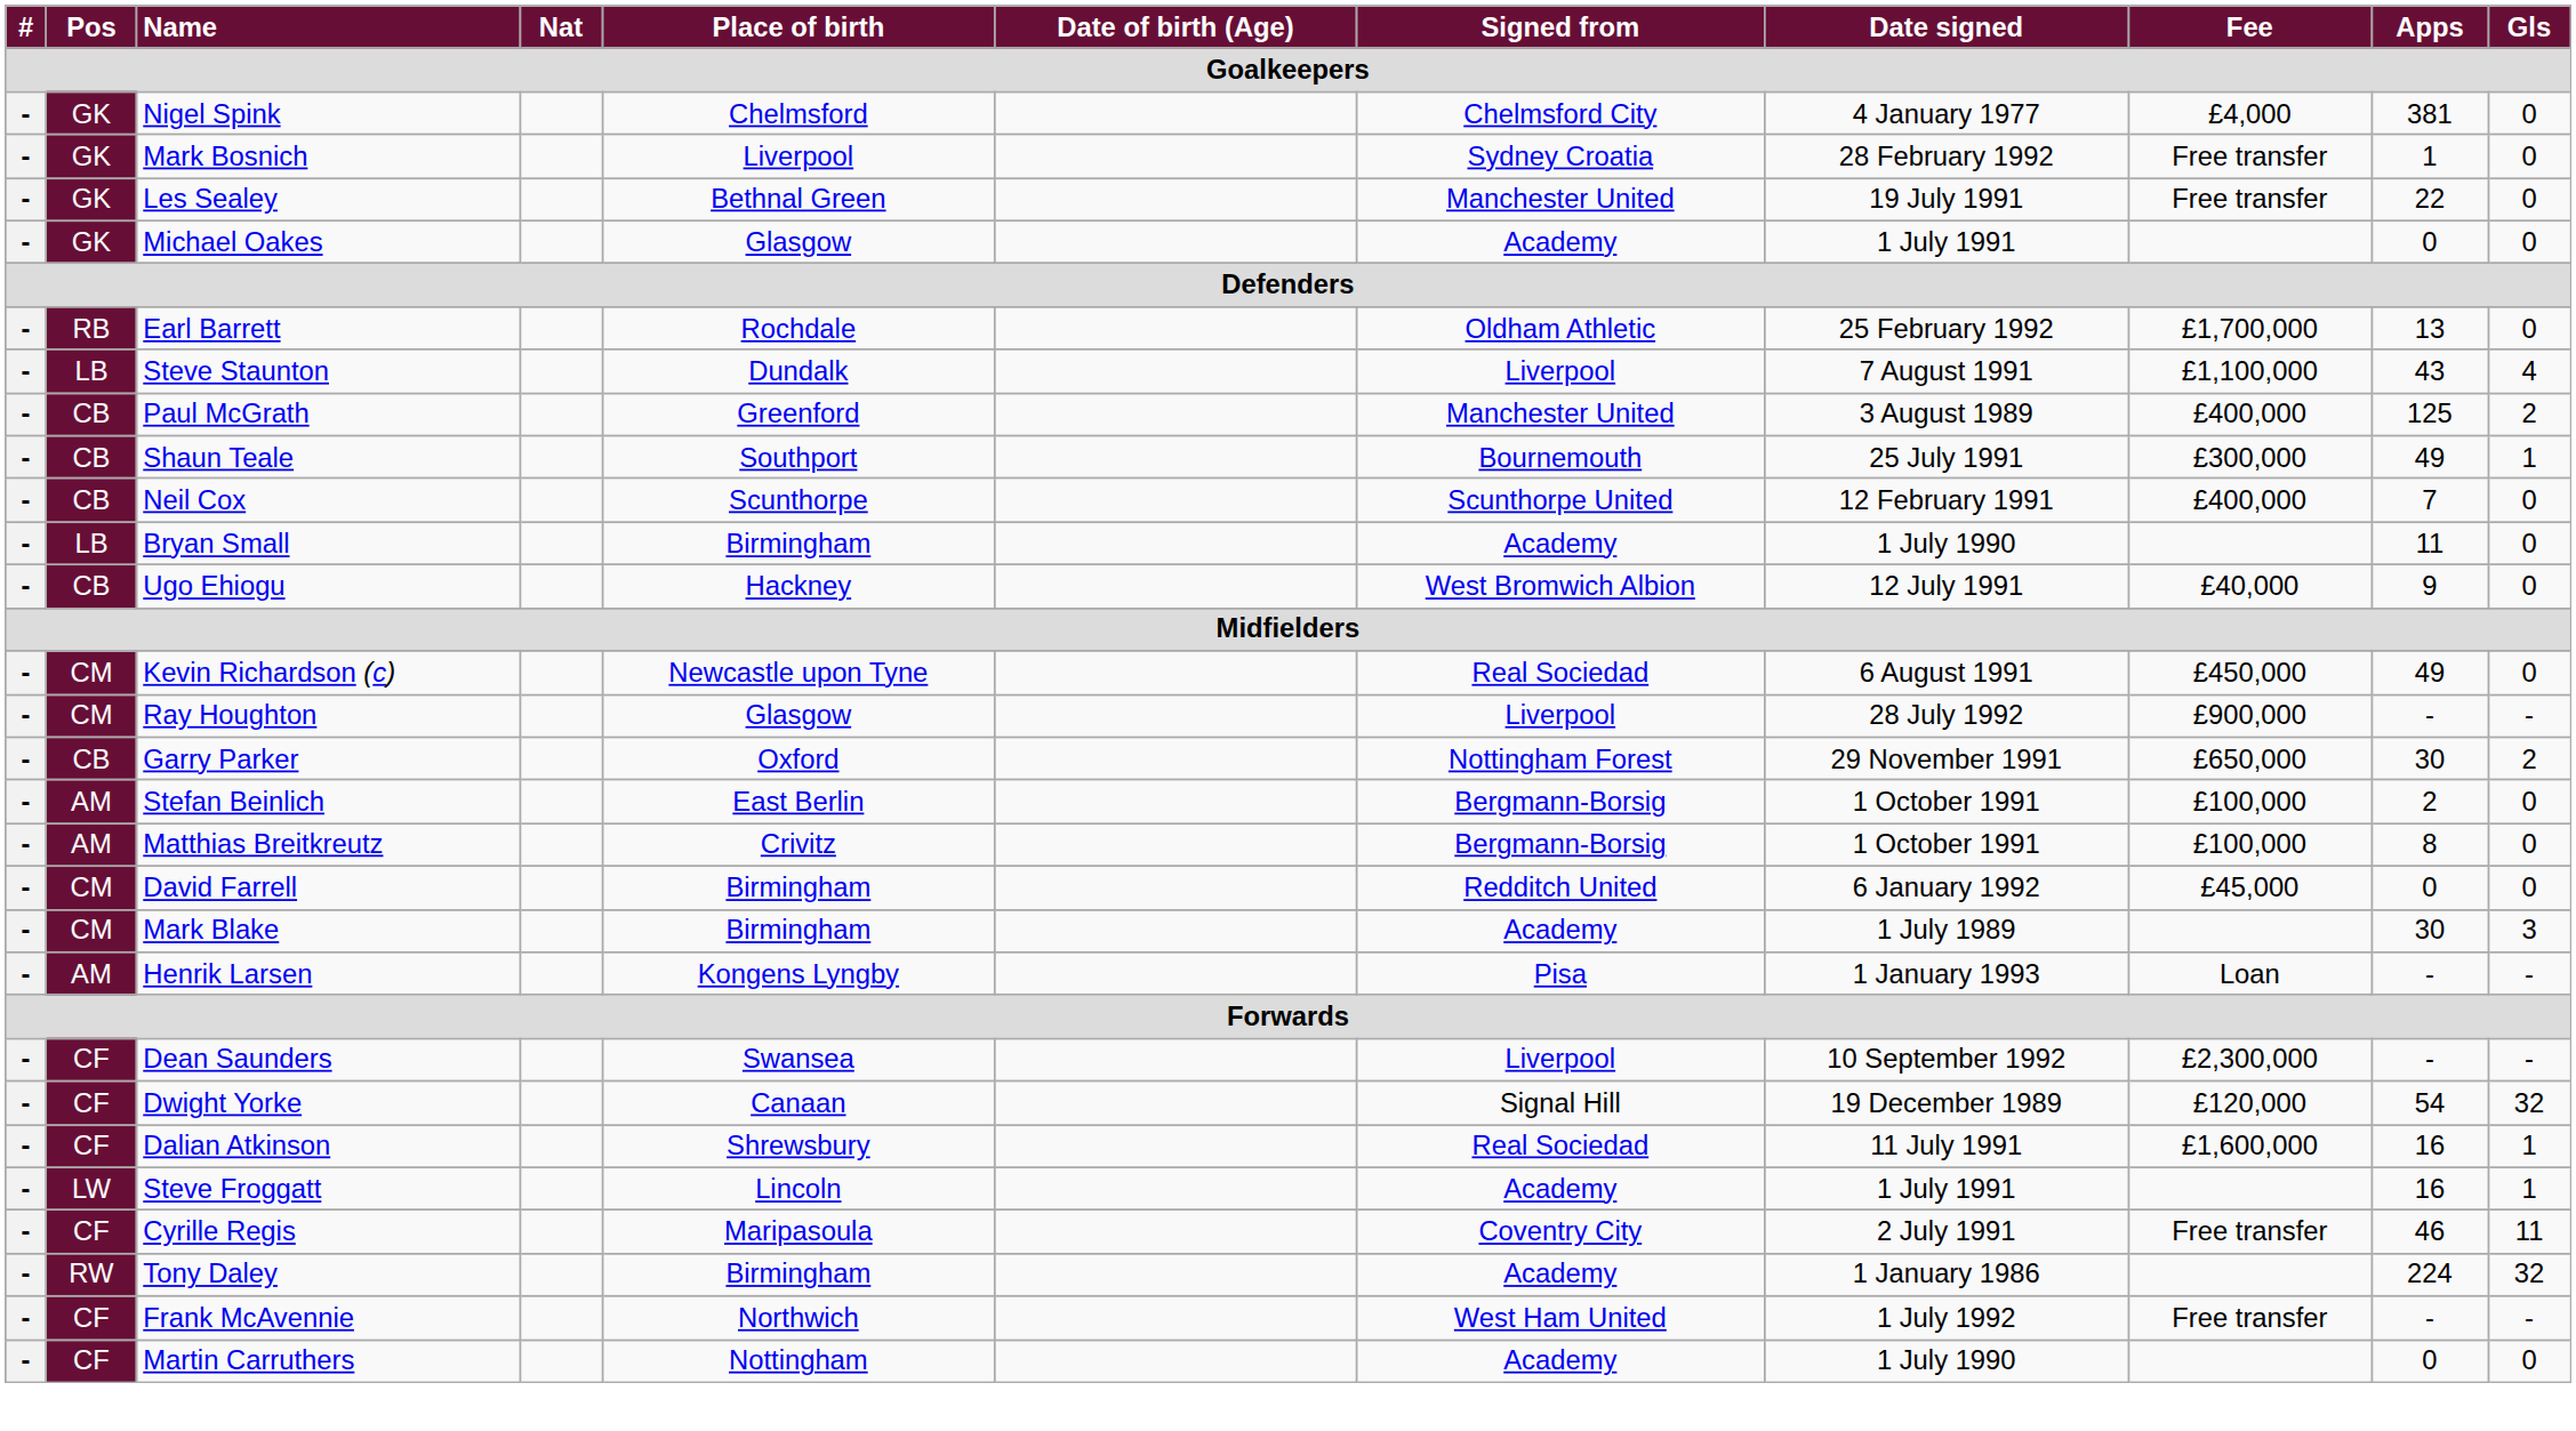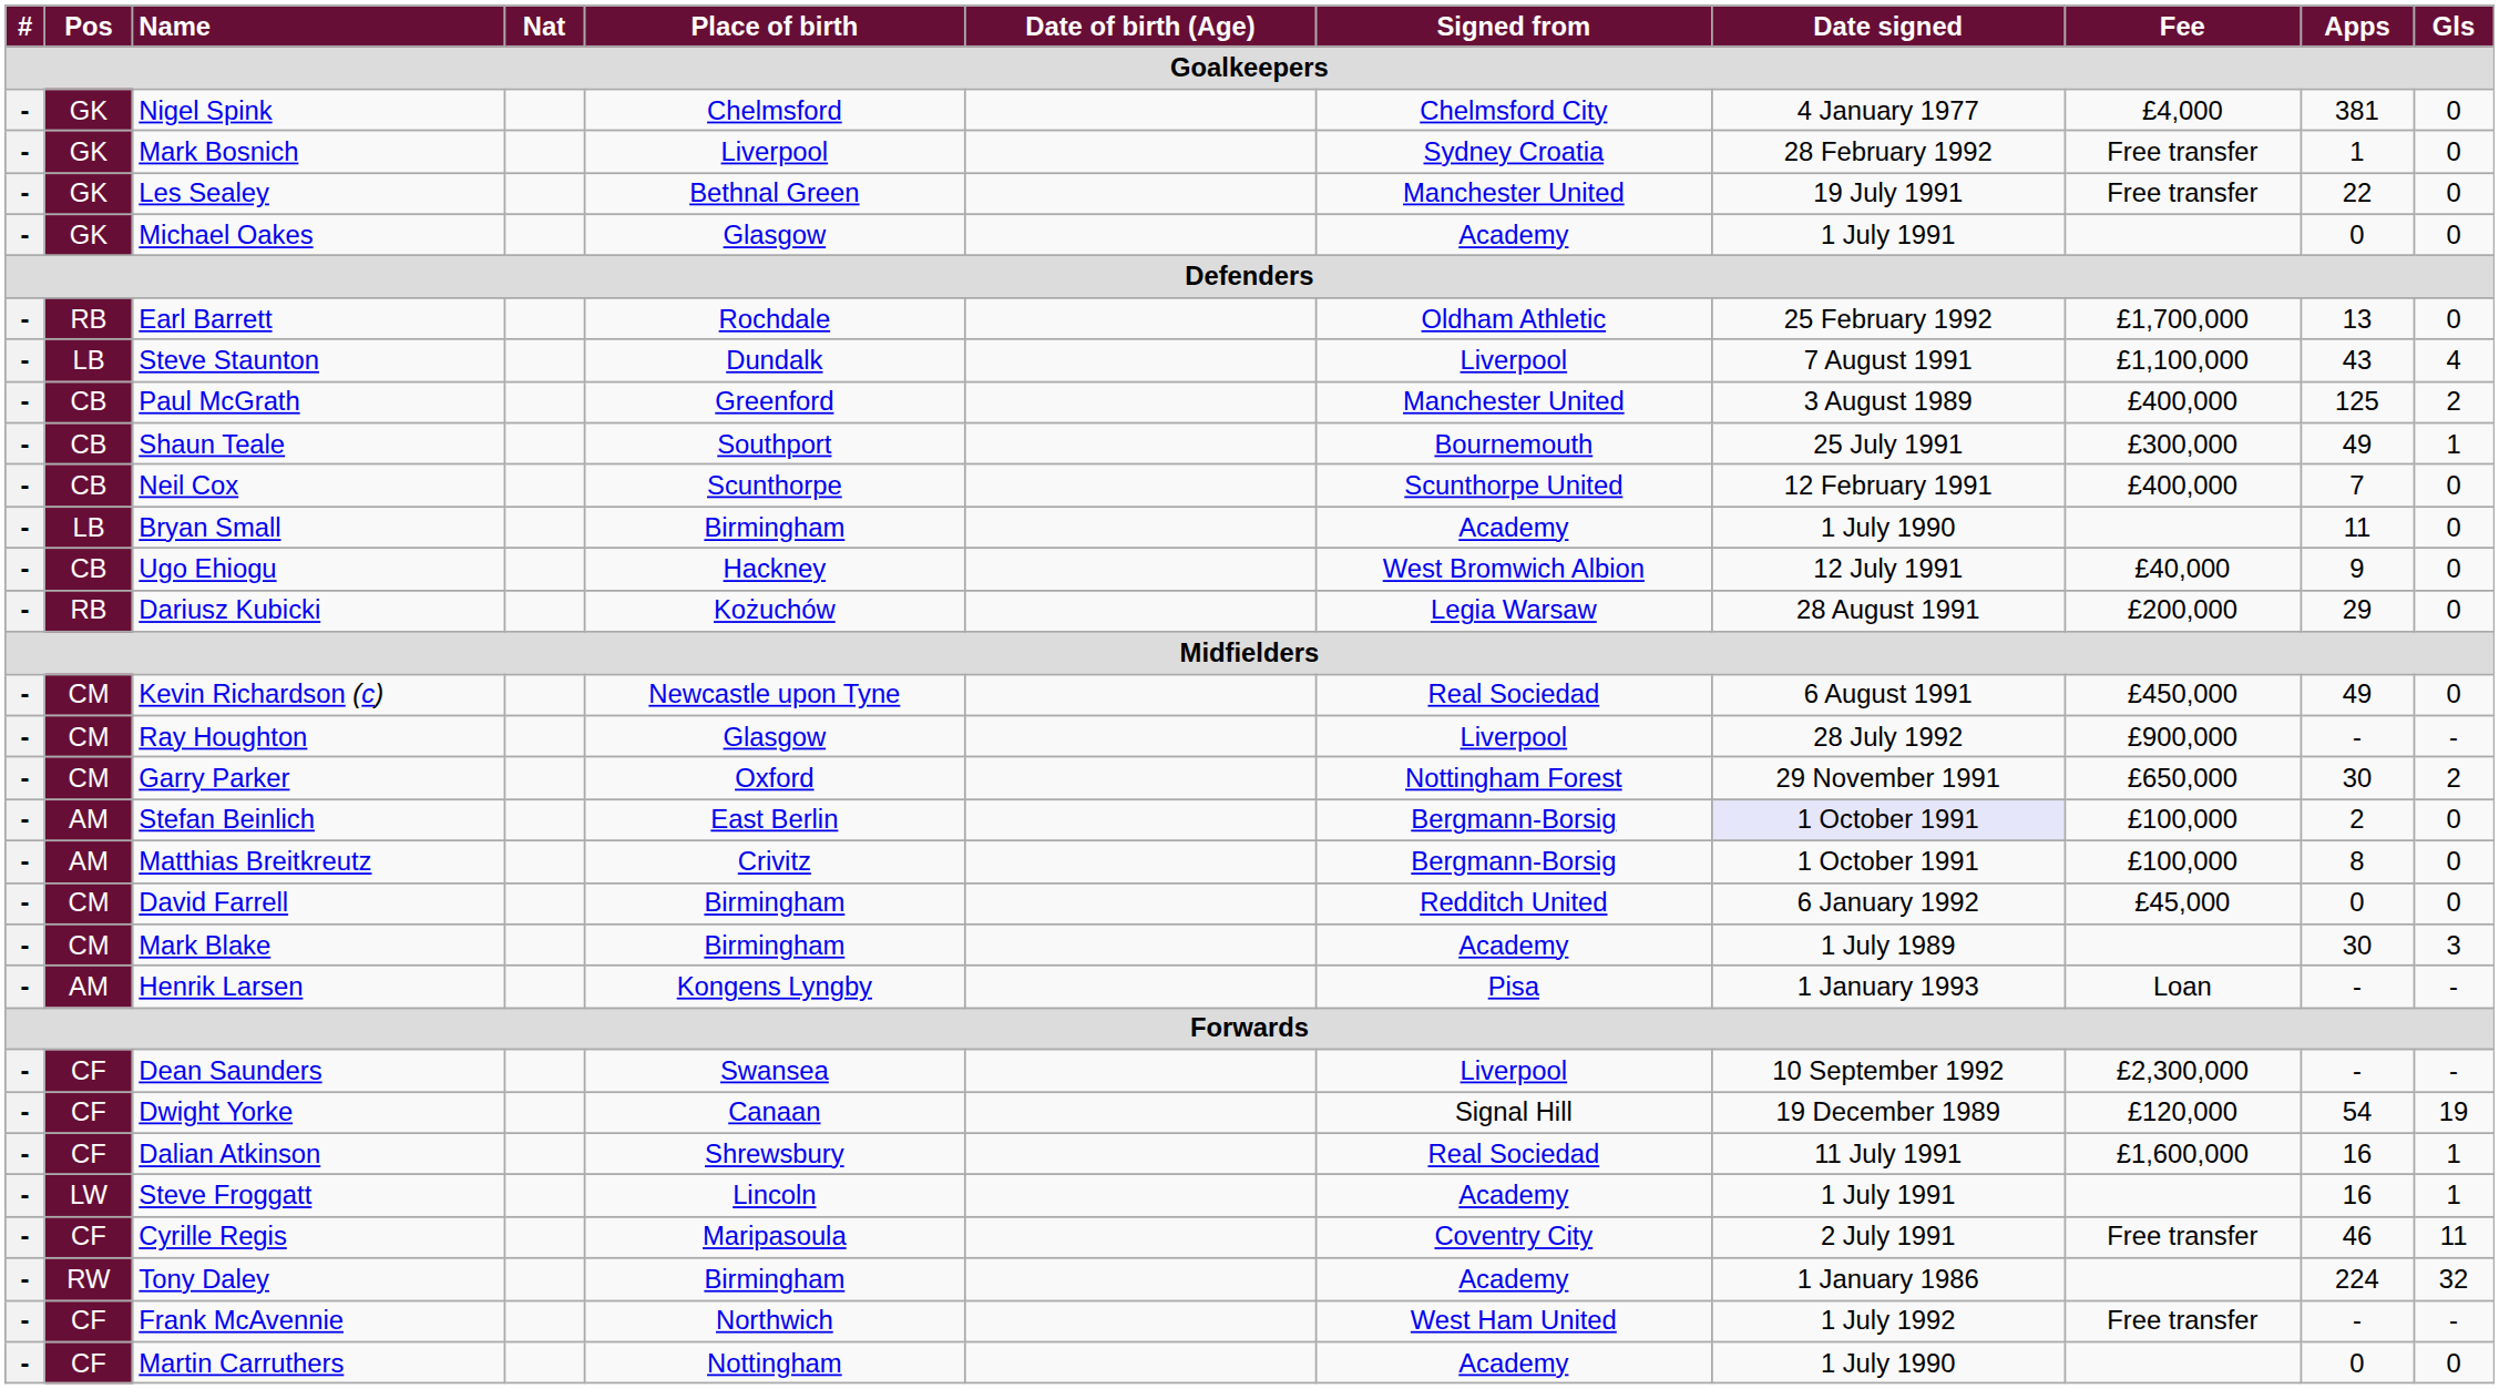 <table class="wikitable sortbale static-row-numbers" style="text-align:center; font-size:84.5%; width:101%;">
 <tr class=static-row-header style=vertical-align:bottom>
 <th style="background:#670E36; color:#FFFFFF; text-align:center;">#</th>
 <th style="background:#670E36; color:#FFFFFF; text-align:center;"><abbr>Pos</abbr></th>
 <th style="background:#670E36; color:#FFFFFF; text-align:left;">Name</th>
 <th style="background:#670E36; color:#FFFFFF; text-align:center;"><abbr>Nat</abbr></th>
 <th style="background:#670E36; color:#FFFFFF; text-align:center;">Place of birth</th>
 <th style="background:#670E36; color:#FFFFFF; text-align:center;">Date of birth (Age)</th>
 <th style="background:#670E36; color:#FFFFFF; text-align:center;">Signed from</th>
 <th style="background:#670E36; color:#FFFFFF; text-align:center;">Date signed</th>
 <th style="background:#670E36; color:#FFFFFF; text-align:center;">Fee</th>
 <th style="background:#670E36; color:#FFFFFF; text-align:center;">Apps</th>
 <th style="background:#670E36; color:#FFFFFF; text-align:center;">Gls</th>
 </tr>
 <tr>
 <th colspan="11" style="background:#dcdcdc; tepxt-align:center;">Goalkeepers</th>
 </tr>
 <tr>
 <th>-</th>
 <td style="background:#670E36; color:#FFFFFF; text-align:center;">GK</td>
 <td style="text-align:left;"><a href='#'>Nigel Spink</a></td>
 <td></td>
 <td><a href='#'>Chelmsford</a></td>
 <td></td>
 <td><a href='#'>Chelmsford City</a></td>
 <td>4 January 1977</td>
 <td>£4,000</td>
 <td>381</td>
 <td>0</td>
 </tr>
 <tr>
 <th>-</th>
 <td style="background:#670E36; color:#FFFFFF; text-align:center;">GK</td>
 <td style="text-align:left;"><a href='#'>Mark Bosnich</a></td>
 <td></td>
 <td><a href='#'>Liverpool</a></td>
 <td></td>
 <td> <a href='#'>Sydney Croatia</a></td>
 <td>28 February 1992</td>
 <td>Free transfer</td>
 <td>1</td>
 <td>0</td>
 </tr>
 <tr>
 <th>-</th>
 <td style="background:#670E36; color:#FFFFFF; text-align:center;">GK</td>
 <td style="text-align:left;"><a href='#'>Les Sealey</a></td>
 <td></td>
 <td><a href='#'>Bethnal Green</a></td>
 <td></td>
 <td><a href='#'>Manchester United</a></td>
 <td>19 July 1991</td>
 <td>Free transfer</td>
 <td>22</td>
 <td>0</td>
 </tr>
 <tr>
 <th>-</th>
 <td style="background:#670E36; color:#FFFFFF; text-align:center;">GK</td>
 <td style="text-align:left;"><a href='#'>Michael Oakes</a></td>
 <td></td>
 <td><a href='#'>Glasgow</a></td>
 <td></td>
 <td><a href='#'>Academy</a></td>
 <td>1 July 1991</td>
 <td></td>
 <td>0</td>
 <td>0</td>
 </tr>
 <tr>
 <th colspan="11" style="background:#dcdcdc; tepxt-align:center;">Defenders</th>
 </tr>
 <tr>
 <th>-</th>
 <td style="background:#670E36; color:#FFFFFF; text-align:center;">RB</td>
 <td style="text-align:left;"><a href='#'>Earl Barrett</a></td>
 <td></td>
 <td><a href='#'>Rochdale</a></td>
 <td></td>
 <td><a href='#'>Oldham Athletic</a></td>
 <td>25 February 1992</td>
 <td>£1,700,000</td>
 <td>13</td>
 <td>0</td>
 </tr>
 <tr>
 <th>-</th>
 <td style="background:#670E36; color:#FFFFFF; text-align:center;">LB</td>
 <td style="text-align:left;"><a href='#'>Steve Staunton</a></td>
 <td></td>
 <td><a href='#'>Dundalk</a></td>
 <td></td>
 <td><a href='#'>Liverpool</a></td>
 <td>7 August 1991</td>
 <td>£1,100,000</td>
 <td>43</td>
 <td>4</td>
 </tr>
 <tr>
 <th>-</th>
 <td style="background:#670E36; color:#FFFFFF; text-align:center;">CB</td>
 <td style="text-align:left;"><a href='#'>Paul McGrath</a></td>
 <td></td>
 <td> <a href='#'>Greenford</a></td>
 <td></td>
 <td><a href='#'>Manchester United</a></td>
 <td>3 August 1989</td>
 <td>£400,000</td>
 <td>125</td>
 <td>2</td>
 </tr>
 <tr>
 <th>-</th>
 <td style="background:#670E36; color:#FFFFFF; text-align:center;">CB</td>
 <td style="text-align:left;"><a href='#'>Shaun Teale</a></td>
 <td></td>
 <td><a href='#'>Southport</a></td>
 <td></td>
 <td><a href='#'>Bournemouth</a></td>
 <td>25 July 1991</td>
 <td>£300,000</td>
 <td>49</td>
 <td>1</td>
 </tr>
 <tr>
 <th>-</th>
 <td style="background:#670E36; color:#FFFFFF; text-align:center;">CB</td>
 <td style="text-align:left;"><a href='#'>Neil Cox</a></td>
 <td></td>
 <td><a href='#'>Scunthorpe</a></td>
 <td></td>
 <td><a href='#'>Scunthorpe United</a></td>
 <td>12 February 1991</td>
 <td>£400,000</td>
 <td>7</td>
 <td>0</td>
 </tr>
 <tr>
 <th>-</th>
 <td style="background:#670E36; color:#FFFFFF; text-align:center;">LB</td>
 <td style="text-align:left;"><a href='#'>Bryan Small</a></td>
 <td></td>
 <td><a href='#'>Birmingham</a></td>
 <td></td>
 <td><a href='#'>Academy</a></td>
 <td>1 July 1990</td>
 <td></td>
 <td>11</td>
 <td>0</td>
 </tr>
 <tr>
 <th>-</th>
 <td style="background:#670E36; color:#FFFFFF; text-align:center;">CB</td>
 <td style="text-align:left;"><a href='#'>Ugo Ehiogu</a></td>
 <td></td>
 <td><a href='#'>Hackney</a></td>
 <td></td>
 <td><a href='#'>West Bromwich Albion</a></td>
 <td>12 July 1991</td>
 <td>£40,000</td>
 <td>9</td>
 <td>0</td>
 </tr>
 <tr>
+<th>-</th>
+<td style="background:#670E36; color:#FFFFFF; text-align:center;">RB</td>
+<td style="text-align:left;"><a href='#'>Dariusz Kubicki</a></td>
+<td></td>
+<td><a href='#'>Kożuchów</a></td>
+<td></td>
+<td> <a href='#'>Legia Warsaw</a></td>
+<td>28 August 1991</td>
+<td>£200,000</td>
+<td>29</td>
+<td>0</td>
+</tr>
+<tr>
 <th colspan="11" style="background:#dcdcdc; tepxt-align:center;">Midfielders</th>
 </tr>
 <tr>
 <th>-</th>
 <td style="background:#670E36; color:#FFFFFF; text-align:center;">CM</td>
 <td style="text-align:left;"><a href='#'>Kevin Richardson</a> <em>(<a href='#'>c</a>)</em></td>
 <td></td>
 <td><a href='#'>Newcastle upon Tyne</a></td>
 <td></td>
 <td> <a href='#'>Real Sociedad</a></td>
 <td>6 August 1991</td>
 <td>£450,000</td>
 <td>49</td>
 <td>0</td>
 </tr>
 <tr>
 <th>-</th>
 <td style="background:#670E36; color:#FFFFFF; text-align:center;">CM</td>
 <td style="text-align:left;"><a href='#'>Ray Houghton</a></td>
 <td></td>
 <td> <a href='#'>Glasgow</a></td>
 <td></td>
 <td><a href='#'>Liverpool</a></td>
 <td>28 July 1992</td>
 <td>£900,000</td>
 <td>-</td>
 <td>-</td>
 </tr>
 <tr>
 <th>-</th>
-<td style="background:#670E36; color:#FFFFFF; text-align:center;">CB</td>
+<td style="background:#670E36; color:#FFFFFF; text-align:center;">CM</td>
 <td style="text-align:left;"><a href='#'>Garry Parker</a></td>
 <td></td>
 <td><a href='#'>Oxford</a></td>
 <td></td>
 <td><a href='#'>Nottingham Forest</a></td>
 <td>29 November 1991</td>
 <td>£650,000</td>
 <td>30</td>
 <td>2</td>
 </tr>
 <tr>
 <th>-</th>
 <td style="background:#670E36; color:#FFFFFF; text-align:center;">AM</td>
 <td style="text-align:left;"><a href='#'>Stefan Beinlich</a></td>
 <td></td>
 <td><a href='#'>East Berlin</a></td>
 <td></td>
 <td> <a href='#'>Bergmann-Borsig</a></td>
-<td>1 October 1991</td>
+<td style="background: lavender;">1 October 1991</td>
 <td>£100,000</td>
 <td>2</td>
 <td>0</td>
 </tr>
 <tr>
 <th>-</th>
 <td style="background:#670E36; color:#FFFFFF; text-align:center;">AM</td>
 <td style="text-align:left;"><a href='#'>Matthias Breitkreutz</a></td>
 <td></td>
 <td><a href='#'>Crivitz</a></td>
 <td></td>
 <td> <a href='#'>Bergmann-Borsig</a></td>
 <td>1 October 1991</td>
 <td>£100,000</td>
 <td>8</td>
 <td>0</td>
 </tr>
 <tr>
 <th>-</th>
 <td style="background:#670E36; color:#FFFFFF; text-align:center;">CM</td>
 <td style="text-align:left;"><a href='#'>David Farrell</a></td>
 <td></td>
 <td><a href='#'>Birmingham</a></td>
 <td></td>
 <td><a href='#'>Redditch United</a></td>
 <td>6 January 1992</td>
 <td>£45,000</td>
 <td>0</td>
 <td>0</td>
 </tr>
 <tr>
 <th>-</th>
 <td style="background:#670E36; color:#FFFFFF; text-align:center;">CM</td>
 <td style="text-align:left;"><a href='#'>Mark Blake</a></td>
 <td></td>
 <td><a href='#'>Birmingham</a></td>
 <td></td>
 <td><a href='#'>Academy</a></td>
 <td>1 July 1989</td>
 <td></td>
 <td>30</td>
 <td>3</td>
 </tr>
 <tr>
 <th>-</th>
 <td style="background:#670E36; color:#FFFFFF; text-align:center;">AM</td>
 <td style="text-align:left;"><a href='#'>Henrik Larsen</a></td>
 <td></td>
 <td><a href='#'>Kongens Lyngby</a></td>
 <td></td>
 <td> <a href='#'>Pisa</a></td>
 <td>1 January 1993</td>
 <td>Loan</td>
 <td>-</td>
 <td>-</td>
 </tr>
 <tr>
 <th colspan="11" style="background:#dcdcdc; tepxt-align:center;">Forwards</th>
 </tr>
 <tr>
 <th>-</th>
 <td style="background:#670E36; color:#FFFFFF; text-align:center;">CF</td>
 <td style="text-align:left;"><a href='#'>Dean Saunders</a></td>
 <td></td>
 <td><a href='#'>Swansea</a></td>
 <td></td>
 <td><a href='#'>Liverpool</a></td>
 <td>10 September 1992</td>
 <td>£2,300,000</td>
 <td>-</td>
 <td>-</td>
 </tr>
 <tr>
 <th>-</th>
 <td style="background:#670E36; color:#FFFFFF; text-align:center;">CF</td>
 <td style="text-align:left;"><a href='#'>Dwight Yorke</a></td>
 <td></td>
 <td><a href='#'>Canaan</a></td>
 <td></td>
 <td> Signal Hill</td>
 <td>19 December 1989</td>
 <td>£120,000</td>
 <td>54</td>
-<td>32</td>
+<td>19</td>
 </tr>
 <tr>
 <th>-</th>
 <td style="background:#670E36; color:#FFFFFF; text-align:center;">CF</td>
 <td style="text-align:left;"><a href='#'>Dalian Atkinson</a></td>
 <td></td>
 <td><a href='#'>Shrewsbury</a></td>
 <td></td>
 <td> <a href='#'>Real Sociedad</a></td>
 <td>11 July 1991</td>
 <td>£1,600,000</td>
 <td>16</td>
 <td>1</td>
 </tr>
 <tr>
 <th>-</th>
 <td style="background:#670E36; color:#FFFFFF; text-align:center;">LW</td>
 <td style="text-align:left;"><a href='#'>Steve Froggatt</a></td>
 <td></td>
 <td><a href='#'>Lincoln</a></td>
 <td></td>
 <td><a href='#'>Academy</a></td>
 <td>1 July 1991</td>
 <td></td>
 <td>16</td>
 <td>1</td>
 </tr>
 <tr>
 <th>-</th>
 <td style="background:#670E36; color:#FFFFFF; text-align:center;">CF</td>
 <td style="text-align:left;"><a href='#'>Cyrille Regis</a></td>
 <td></td>
 <td> <a href='#'>Maripasoula</a></td>
 <td></td>
 <td><a href='#'>Coventry City</a></td>
 <td>2 July 1991</td>
 <td>Free transfer</td>
 <td>46</td>
 <td>11</td>
 </tr>
 <tr>
 <th>-</th>
 <td style="background:#670E36; color:#FFFFFF; text-align:center;">RW</td>
 <td style="text-align:left;"><a href='#'>Tony Daley</a></td>
 <td></td>
 <td><a href='#'>Birmingham</a></td>
 <td></td>
 <td><a href='#'>Academy</a></td>
 <td>1 January 1986</td>
 <td></td>
 <td>224</td>
 <td>32</td>
 </tr>
 <tr>
 <th>-</th>
 <td style="background:#670E36; color:#FFFFFF; text-align:center;">CF</td>
 <td style="text-align:left;"><a href='#'>Frank McAvennie</a></td>
 <td></td>
 <td><a href='#'>Northwich</a></td>
 <td></td>
 <td><a href='#'>West Ham United</a></td>
 <td>1 July 1992</td>
 <td>Free transfer</td>
 <td>-</td>
 <td>-</td>
 </tr>
 <tr>
 <th>-</th>
 <td style="background:#670E36; color:#FFFFFF; text-align:center;">CF</td>
 <td style="text-align:left;"><a href='#'>Martin Carruthers</a></td>
 <td></td>
 <td><a href='#'>Nottingham</a></td>
 <td></td>
 <td><a href='#'>Academy</a></td>
 <td>1 July 1990</td>
 <td></td>
 <td>0</td>
 <td>0</td>
 </tr>
 </table>
